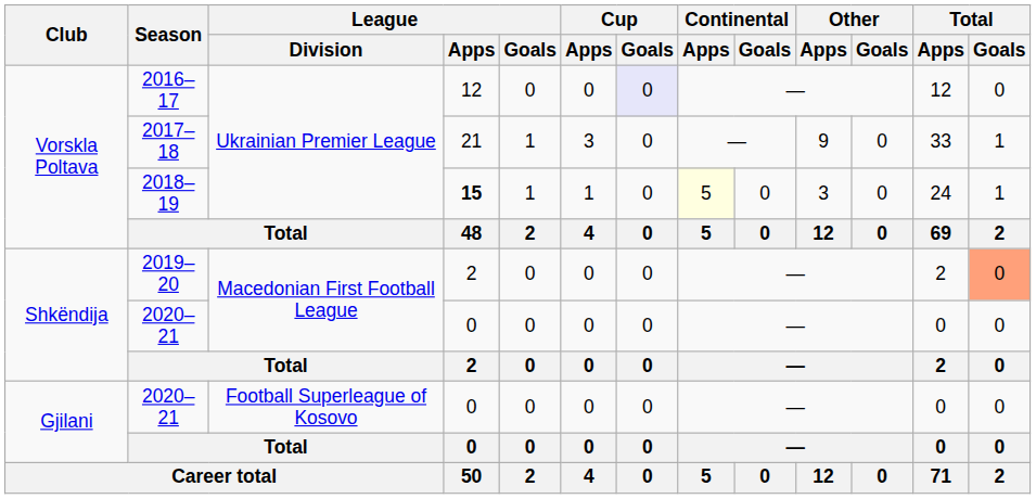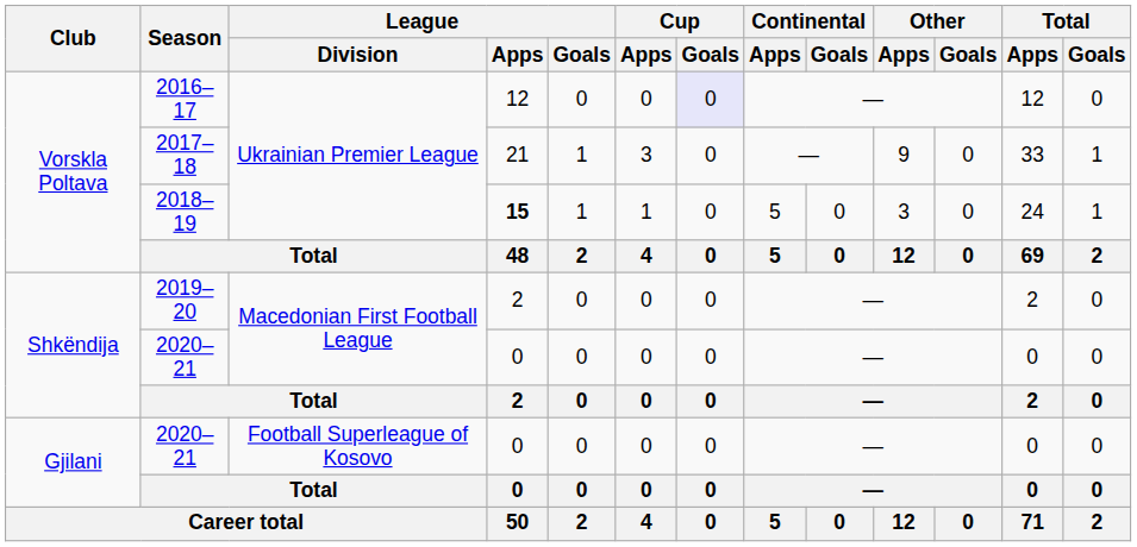 <table class="wikitable" style="text-align:center">
 <tr>
 <th rowspan="2">Club</th>
 <th rowspan="2">Season</th>
 <th colspan="3">League</th>
 <th colspan="2">Cup</th>
 <th colspan="2">Continental</th>
 <th colspan="2">Other</th>
 <th colspan="2">Total</th>
 </tr>
 <tr>
 <th>Division</th>
 <th>Apps</th>
 <th>Goals</th>
 <th>Apps</th>
 <th>Goals</th>
 <th>Apps</th>
 <th>Goals</th>
 <th>Apps</th>
 <th>Goals</th>
 <th>Apps</th>
 <th>Goals</th>
 </tr>
 <tr>
 <td rowspan="4" valign="center"><a href='#'>Vorskla Poltava</a></td>
 <td><a href='#'>2016–17</a></td>
 <td rowspan="3"><a href='#'>Ukrainian Premier League</a></td>
 <td>12</td>
 <td>0</td>
 <td>0</td>
 <td style="background: lavender;">0</td>
 <td colspan="4">—</td>
 <td>12</td>
 <td>0</td>
 </tr>
 <tr>
 <td><a href='#'>2017–18</a></td>
 <td>21</td>
 <td>1</td>
 <td>3</td>
 <td>0</td>
 <td colspan="2">—</td>
 <td>9</td>
 <td>0</td>
 <td>33</td>
 <td>1</td>
 </tr>
 <tr>
 <td><a href='#'>2018–19</a></td>
 <td><strong>15</strong></td>
 <td>1</td>
 <td>1</td>
 <td>0</td>
-<td style="background: lightyellow;">5</td>
+<td>5</td>
 <td>0</td>
 <td>3</td>
 <td>0</td>
 <td>24</td>
 <td>1</td>
 </tr>
 <tr>
 <th colspan="2" valign="center">Total</th>
 <th>48</th>
 <th>2</th>
 <th>4</th>
 <th>0</th>
 <th>5</th>
 <th>0</th>
 <th>12</th>
 <th>0</th>
 <th>69</th>
 <th>2</th>
 </tr>
 <tr>
 <td rowspan="3"><a href='#'>Shkëndija</a></td>
 <td><a href='#'>2019–20</a></td>
 <td rowspan="2"><a href='#'>Macedonian First Football League</a></td>
 <td>2</td>
 <td>0</td>
 <td>0</td>
 <td>0</td>
 <td colspan="4">—</td>
 <td>2</td>
-<td style="background: lightsalmon;">0</td>
+<td>0</td>
 </tr>
 <tr>
 <td><a href='#'>2020–21</a></td>
 <td>0</td>
 <td>0</td>
 <td>0</td>
 <td>0</td>
 <td colspan="4">—</td>
 <td>0</td>
 <td>0</td>
 </tr>
 <tr>
 <th colspan="2">Total</th>
 <th>2</th>
 <th>0</th>
 <th>0</th>
 <th>0</th>
 <th colspan="4">—</th>
 <th>2</th>
 <th>0</th>
 </tr>
 <tr>
 <td rowspan="2"><a href='#'>Gjilani</a></td>
 <td><a href='#'>2020–21</a></td>
 <td><a href='#'>Football Superleague of Kosovo</a></td>
 <td>0</td>
 <td>0</td>
 <td>0</td>
 <td>0</td>
 <td colspan="4">—</td>
 <td>0</td>
 <td>0</td>
 </tr>
 <tr>
 <th colspan="2">Total</th>
 <th>0</th>
 <th>0</th>
 <th>0</th>
 <th>0</th>
 <th colspan="4">—</th>
 <th>0</th>
 <th>0</th>
 </tr>
 <tr>
 <th colspan="3">Career total</th>
 <th>50</th>
 <th>2</th>
 <th>4</th>
 <th>0</th>
 <th>5</th>
 <th>0</th>
 <th>12</th>
 <th>0</th>
 <th>71</th>
 <th>2</th>
 </tr>
 </table>
